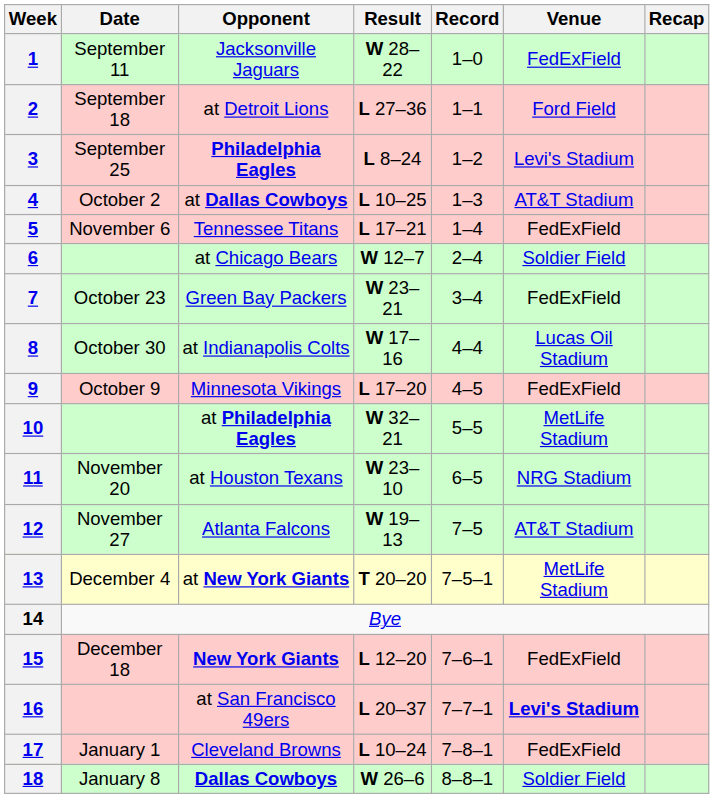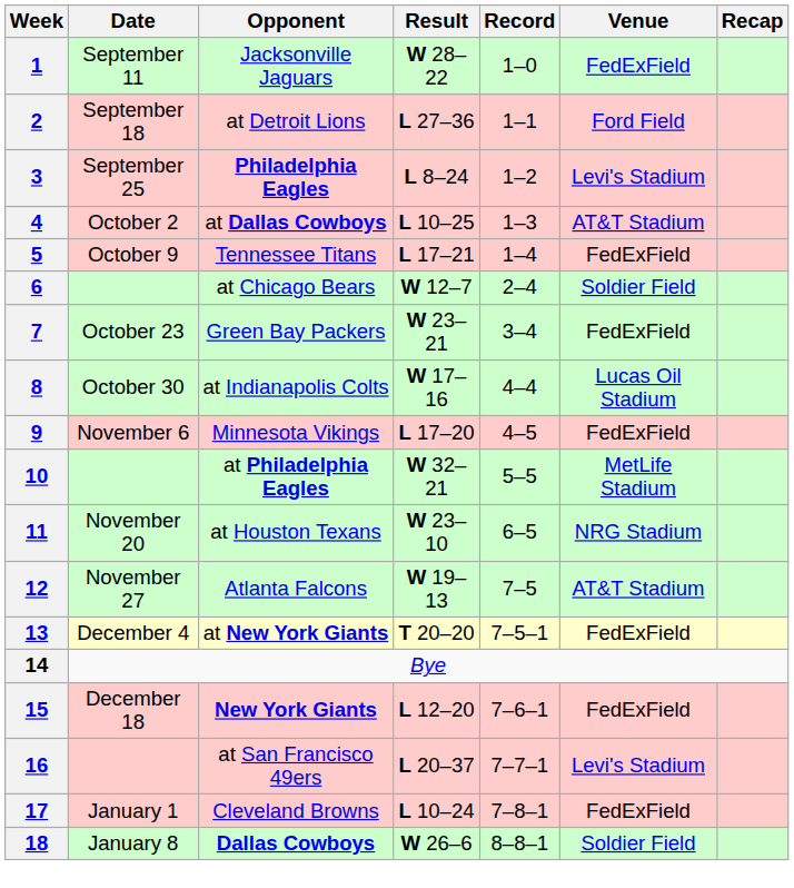 <table class="wikitable" style="text-align:center">
 <tr>
 <th>Week</th>
 <th>Date</th>
 <th>Opponent</th>
 <th>Result</th>
 <th>Record</th>
 <th>Venue</th>
 <th>Recap</th>
 </tr>
 <tr style="background:#cfc">
 <th><a href='#'>1</a></th>
 <td>September 11</td>
 <td><a href='#'>Jacksonville Jaguars</a></td>
 <td><strong>W</strong> 28–22</td>
 <td>1–0</td>
 <td><a href='#'>FedExField</a></td>
 <td></td>
 </tr>
 <tr style="background:#fcc">
 <th><a href='#'>2</a></th>
 <td>September 18</td>
 <td>at <a href='#'>Detroit Lions</a></td>
 <td><strong>L</strong> 27–36</td>
 <td>1–1</td>
 <td><a href='#'>Ford Field</a></td>
 <td></td>
 </tr>
 <tr style="background:#fcc">
 <th><a href='#'>3</a></th>
 <td>September 25</td>
 <td><strong><a href='#'>Philadelphia Eagles</a></strong></td>
 <td><strong>L</strong> 8–24</td>
 <td>1–2</td>
 <td><a href='#'>Levi's Stadium</a></td>
 <td></td>
 </tr>
 <tr style="background:#fcc">
 <th><a href='#'>4</a></th>
 <td>October 2</td>
 <td>at <strong><a href='#'>Dallas Cowboys</a></strong></td>
 <td><strong>L</strong> 10–25</td>
 <td>1–3</td>
 <td><a href='#'>AT&T Stadium</a></td>
 <td></td>
 </tr>
 <tr style="background:#fcc">
 <th><a href='#'>5</a></th>
-<td>November 6</td>
+<td>October 9</td>
 <td><a href='#'>Tennessee Titans</a></td>
 <td><strong>L</strong> 17–21</td>
 <td>1–4</td>
 <td>FedExField</td>
 <td></td>
 </tr>
 <tr style="background:#cfc">
 <th><a href='#'>6</a></th>
 <td></td>
 <td>at <a href='#'>Chicago Bears</a></td>
 <td><strong>W</strong> 12–7</td>
 <td>2–4</td>
 <td><a href='#'>Soldier Field</a></td>
 <td></td>
 </tr>
 <tr style="background:#cfc">
 <th><a href='#'>7</a></th>
 <td>October 23</td>
 <td><a href='#'>Green Bay Packers</a></td>
 <td><strong>W</strong> 23–21</td>
 <td>3–4</td>
 <td>FedExField</td>
 <td></td>
 </tr>
 <tr style="background:#cfc">
 <th><a href='#'>8</a></th>
 <td>October 30</td>
 <td>at <a href='#'>Indianapolis Colts</a></td>
 <td><strong>W</strong> 17–16</td>
 <td>4–4</td>
 <td><a href='#'>Lucas Oil Stadium</a></td>
 <td></td>
 </tr>
 <tr style="background:#fcc">
 <th><a href='#'>9</a></th>
-<td>October 9</td>
+<td>November 6</td>
 <td><a href='#'>Minnesota Vikings</a></td>
 <td><strong>L</strong> 17–20</td>
 <td>4–5</td>
 <td>FedExField</td>
 <td></td>
 </tr>
 <tr style="background:#cfc">
 <th><a href='#'>10</a></th>
 <td></td>
 <td>at <strong><a href='#'>Philadelphia Eagles</a></strong></td>
 <td><strong>W</strong> 32–21</td>
 <td>5–5</td>
 <td><a href='#'>MetLife Stadium</a></td>
 <td></td>
 </tr>
 <tr style="background:#cfc">
 <th><a href='#'>11</a></th>
 <td>November 20</td>
 <td>at <a href='#'>Houston Texans</a></td>
 <td><strong>W</strong> 23–10</td>
 <td>6–5</td>
 <td><a href='#'>NRG Stadium</a></td>
 <td></td>
 </tr>
 <tr style="background:#cfc">
 <th><a href='#'>12</a></th>
 <td>November 27</td>
 <td><a href='#'>Atlanta Falcons</a></td>
 <td><strong>W</strong> 19–13</td>
 <td>7–5</td>
 <td><a href='#'>AT&T Stadium</a></td>
 <td></td>
 </tr>
 <tr style="background:#ffc">
 <th><a href='#'>13</a></th>
 <td>December 4</td>
 <td>at <strong><a href='#'>New York Giants</a></strong></td>
 <td><strong>T</strong> 20–20 </td>
 <td>7–5–1</td>
-<td><a href='#'>MetLife Stadium</a></td>
+<td>FedExField</td>
 <td></td>
 </tr>
 <tr>
 <th>14</th>
 <td colspan="6"><em><a href='#'>Bye</a></em></td>
 </tr>
 <tr style="background:#fcc">
 <th><a href='#'>15</a></th>
 <td>December 18</td>
 <td><strong><a href='#'>New York Giants</a></strong></td>
 <td><strong>L</strong> 12–20</td>
 <td>7–6–1</td>
 <td>FedExField</td>
 <td></td>
 </tr>
 <tr style="background:#fcc">
 <th><a href='#'>16</a></th>
 <td></td>
 <td>at <a href='#'>San Francisco 49ers</a></td>
 <td><strong>L</strong> 20–37</td>
 <td>7–7–1</td>
-<td><strong><a href='#'>Levi's Stadium</a></strong></td>
+<td><a href='#'>Levi's Stadium</a></td>
 <td></td>
 </tr>
 <tr style="background:#fcc">
 <th><a href='#'>17</a></th>
 <td>January 1</td>
 <td><a href='#'>Cleveland Browns</a></td>
 <td><strong>L</strong> 10–24</td>
 <td>7–8–1</td>
 <td>FedExField</td>
 <td></td>
 </tr>
 <tr style="background:#cfc">
 <th><a href='#'>18</a></th>
 <td>January 8</td>
 <td><strong><a href='#'>Dallas Cowboys</a></strong></td>
 <td><strong>W</strong> 26–6</td>
 <td>8–8–1</td>
 <td><a href='#'>Soldier Field</a></td>
 <td></td>
 </tr>
 </table>
